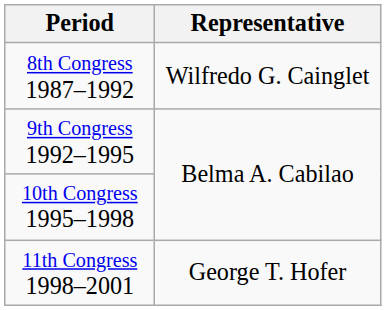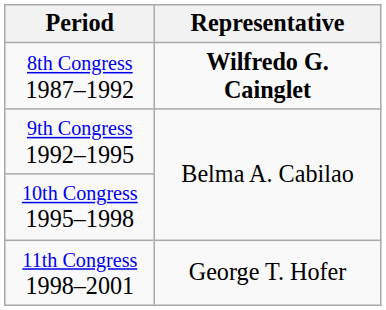 <table class="wikitable" style="text-align:center; width:40%;">
 <tr>
 <th width="40%">Period</th>
 <th>Representative</th>
 </tr>
 <tr>
 <td><small><a href='#'>8th Congress</a></small><br>1987–1992</td>
-<td>Wilfredo G. Cainglet</td>
+<td><strong>Wilfredo G. Cainglet</strong></td>
 </tr>
 <tr>
 <td><small><a href='#'>9th Congress</a></small><br>1992–1995</td>
 <td rowspan="2">Belma A. Cabilao</td>
 </tr>
 <tr>
 <td><small><a href='#'>10th Congress</a></small><br>1995–1998</td>
 </tr>
 <tr>
 <td><small><a href='#'>11th Congress</a></small><br>1998–2001</td>
 <td>George T. Hofer</td>
 </tr>
 </table>
